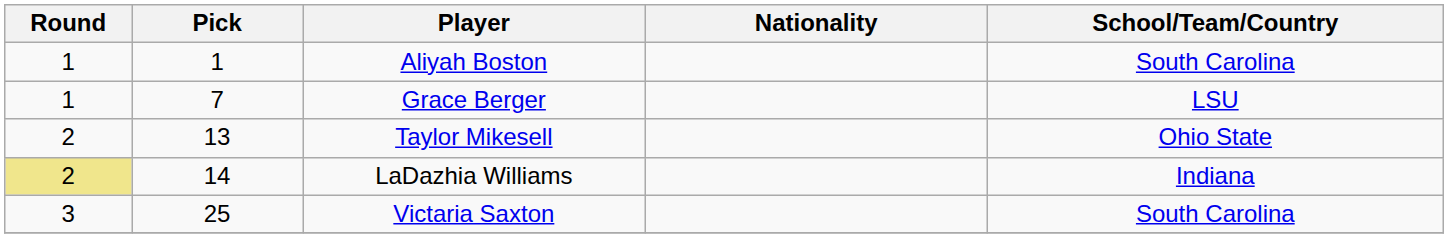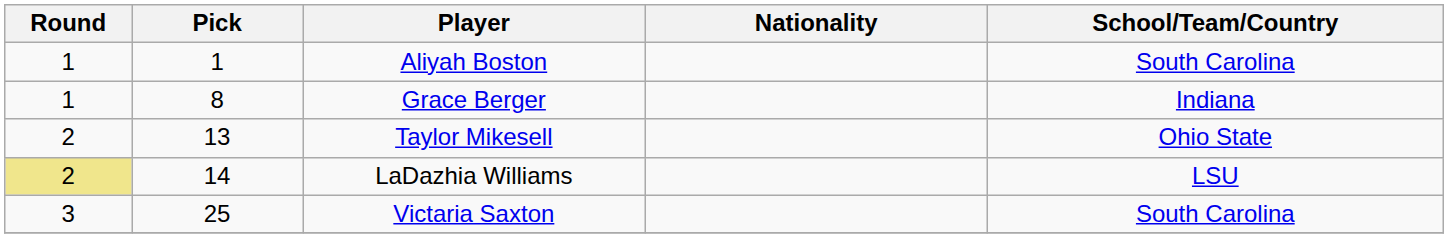 <table class="wikitable" style="text-align:center; width:60em">
 <tr>
 <th width="2%">Round</th>
 <th width="5%">Pick</th>
 <th width="10%">Player</th>
 <th width="10%">Nationality</th>
 <th width="10%">School/Team/Country</th>
 </tr>
 <tr>
 <td>1</td>
 <td>1</td>
 <td><a href='#'>Aliyah Boston</a></td>
 <td></td>
 <td><a href='#'>South Carolina</a></td>
 </tr>
 <tr>
 <td>1</td>
-<td>7</td>
+<td>8</td>
 <td><a href='#'>Grace Berger</a></td>
 <td></td>
-<td><a href='#'>LSU</a></td>
+<td><a href='#'>Indiana</a></td>
 </tr>
 <tr>
 <td>2</td>
 <td>13</td>
 <td><a href='#'>Taylor Mikesell</a></td>
 <td></td>
 <td><a href='#'>Ohio State</a></td>
 </tr>
 <tr>
 <td style="background: khaki;">2</td>
 <td>14</td>
 <td>LaDazhia Williams</td>
 <td></td>
-<td><a href='#'>Indiana</a></td>
+<td><a href='#'>LSU</a></td>
 </tr>
 <tr>
 <td>3</td>
 <td>25</td>
 <td><a href='#'>Victaria Saxton</a></td>
 <td></td>
 <td><a href='#'>South Carolina</a></td>
 </tr>
 <tr>
 </tr>
 </table>
